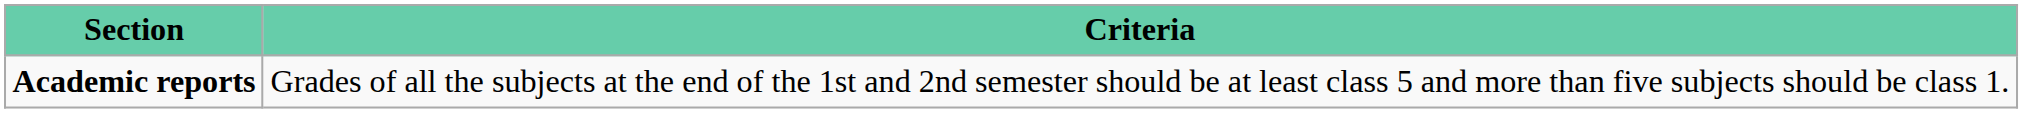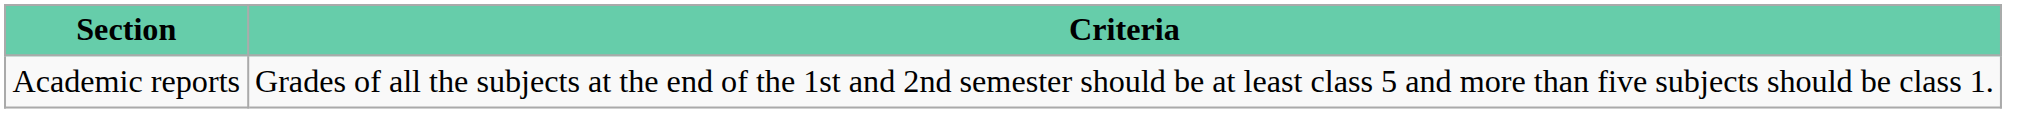 <table class="wikitable">
 <tr>
 </tr>
 <tr>
 <th style="background:#66cdaa">Section</th>
 <th style="background:#66cdaa">Criteria</th>
 </tr>
 <tr>
-<td><strong>Academic reports</strong></td>
+<td>Academic reports</td>
 <td>Grades of all the subjects at the end of the 1st and 2nd semester should be at least class 5 and more than five subjects should be class 1.</td>
 </tr>
 </table>
